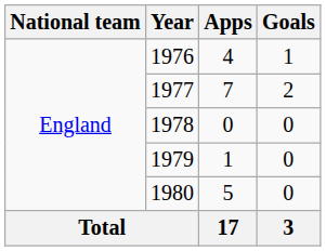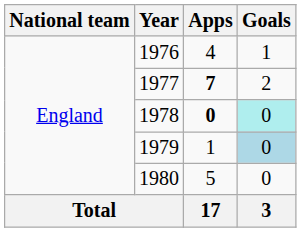 <table class="wikitable" style="text-align:center">
 <tr>
 <th>National team</th>
 <th>Year</th>
 <th>Apps</th>
 <th>Goals</th>
 </tr>
 <tr>
 <td rowspan="5"><a href='#'>England</a></td>
 <td>1976</td>
 <td>4</td>
 <td>1</td>
 </tr>
 <tr>
 <td>1977</td>
-<td>7</td>
+<td><strong>7</strong></td>
 <td>2</td>
 </tr>
 <tr>
 <td>1978</td>
-<td>0</td>
-<td>0</td>
+<td><strong>0</strong></td>
+<td style="background: paleturquoise;">0</td>
 </tr>
 <tr>
 <td>1979</td>
 <td>1</td>
-<td>0</td>
+<td style="background: lightblue;">0</td>
 </tr>
 <tr>
 <td>1980</td>
 <td>5</td>
 <td>0</td>
 </tr>
 <tr>
 <th colspan="2">Total</th>
 <th>17</th>
 <th>3</th>
 </tr>
 </table>
